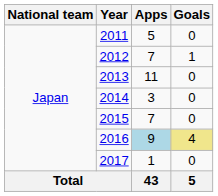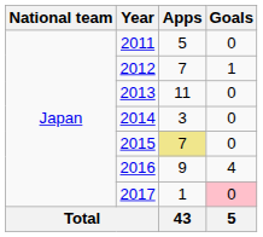 <table class="wikitable" style="text-align:center">
 <tr>
 <th>National team</th>
 <th>Year</th>
 <th>Apps</th>
 <th>Goals</th>
 </tr>
 <tr>
 <td rowspan="7"><a href='#'>Japan</a></td>
 <td><a href='#'>2011</a></td>
 <td>5</td>
 <td>0</td>
 </tr>
 <tr>
 <td><a href='#'>2012</a></td>
 <td>7</td>
 <td>1</td>
 </tr>
 <tr>
 <td><a href='#'>2013</a></td>
 <td>11</td>
 <td>0</td>
 </tr>
 <tr>
 <td><a href='#'>2014</a></td>
 <td>3</td>
 <td>0</td>
 </tr>
 <tr>
 <td><a href='#'>2015</a></td>
-<td>7</td>
+<td style="background: khaki;">7</td>
 <td>0</td>
 </tr>
 <tr>
 <td><a href='#'>2016</a></td>
-<td style="background: lightblue;">9</td>
-<td style="background: khaki;">4</td>
+<td>9</td>
+<td>4</td>
 </tr>
 <tr>
 <td><a href='#'>2017</a></td>
 <td>1</td>
-<td>0</td>
+<td style="background: pink;">0</td>
 </tr>
 <tr>
 <th colspan="2">Total</th>
 <th>43</th>
 <th>5</th>
 </tr>
 </table>
